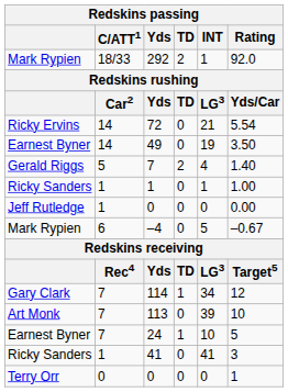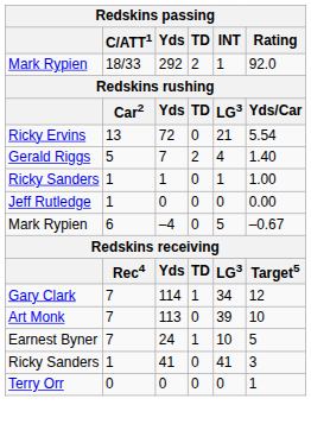 <table class="wikitable">
 <tr>
 <th colspan="6">Redskins passing</th>
 </tr>
 <tr>
 <th></th>
 <th>C/ATT<sup>1</sup></th>
 <th>Yds</th>
 <th>TD</th>
 <th>INT</th>
 <th>Rating</th>
 </tr>
 <tr>
 <td><a href='#'>Mark Rypien</a></td>
 <td>18/33</td>
 <td>292</td>
 <td>2</td>
 <td>1</td>
 <td>92.0</td>
 </tr>
 <tr>
 <th colspan="6">Redskins rushing</th>
 </tr>
 <tr>
 <th></th>
 <th>Car<sup>2</sup></th>
 <th>Yds</th>
 <th>TD</th>
 <th>LG<sup>3</sup></th>
 <th>Yds/Car</th>
 </tr>
 <tr>
 <td><a href='#'>Ricky Ervins</a></td>
-<td>14</td>
+<td>13</td>
 <td>72</td>
 <td>0</td>
 <td>21</td>
 <td>5.54</td>
-</tr>
-<tr>
-<td><a href='#'>Earnest Byner</a></td>
-<td>14</td>
-<td>49</td>
-<td>0</td>
-<td>19</td>
-<td>3.50</td>
 </tr>
 <tr>
 <td><a href='#'>Gerald Riggs</a></td>
 <td>5</td>
 <td>7</td>
 <td>2</td>
 <td>4</td>
 <td>1.40</td>
 </tr>
 <tr>
 <td><a href='#'>Ricky Sanders</a></td>
 <td>1</td>
 <td>1</td>
 <td>0</td>
 <td>1</td>
 <td>1.00</td>
 </tr>
 <tr>
 <td><a href='#'>Jeff Rutledge</a></td>
 <td>1</td>
 <td>0</td>
 <td>0</td>
 <td>0</td>
 <td>0.00</td>
 </tr>
 <tr>
 <td>Mark Rypien</td>
 <td>6</td>
 <td>–4</td>
 <td>0</td>
 <td>5</td>
 <td>–0.67</td>
 </tr>
 <tr>
 <th colspan="6">Redskins receiving</th>
 </tr>
 <tr>
 <th></th>
 <th>Rec<sup>4</sup></th>
 <th>Yds</th>
 <th>TD</th>
 <th>LG<sup>3</sup></th>
 <th>Target<sup>5</sup></th>
 </tr>
 <tr>
 <td><a href='#'>Gary Clark</a></td>
 <td>7</td>
 <td>114</td>
 <td>1</td>
 <td>34</td>
 <td>12</td>
 </tr>
 <tr>
 <td><a href='#'>Art Monk</a></td>
 <td>7</td>
 <td>113</td>
 <td>0</td>
 <td>39</td>
 <td>10</td>
 </tr>
 <tr>
 <td>Earnest Byner</td>
 <td>7</td>
 <td>24</td>
 <td>1</td>
 <td>10</td>
 <td>5</td>
 </tr>
 <tr>
 <td>Ricky Sanders</td>
 <td>1</td>
 <td>41</td>
 <td>0</td>
 <td>41</td>
 <td>3</td>
 </tr>
 <tr>
 <td><a href='#'>Terry Orr</a></td>
 <td>0</td>
 <td>0</td>
 <td>0</td>
 <td>0</td>
 <td>1</td>
 </tr>
 </table>
